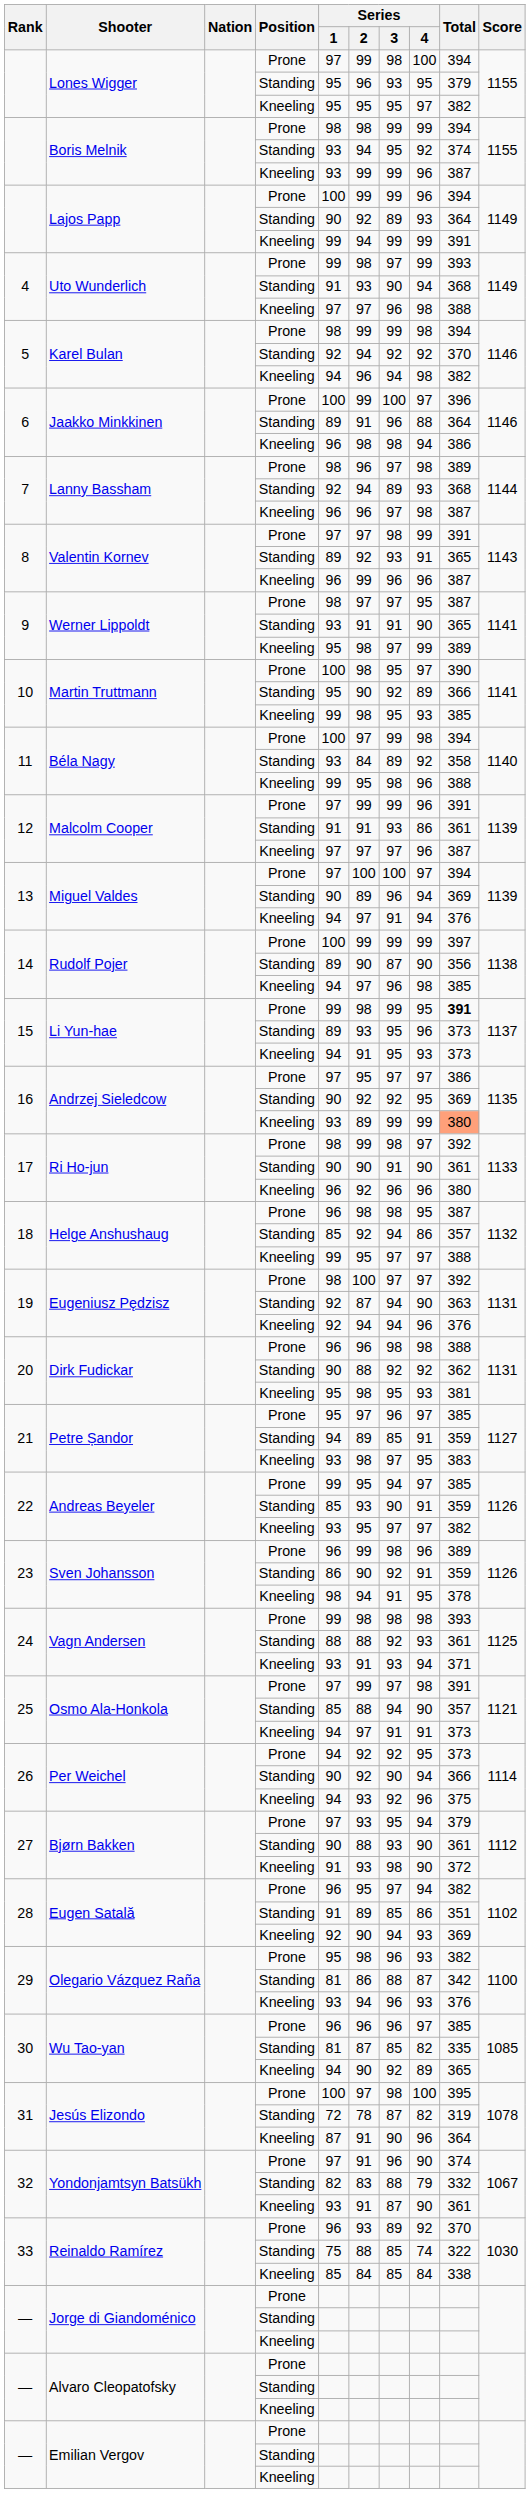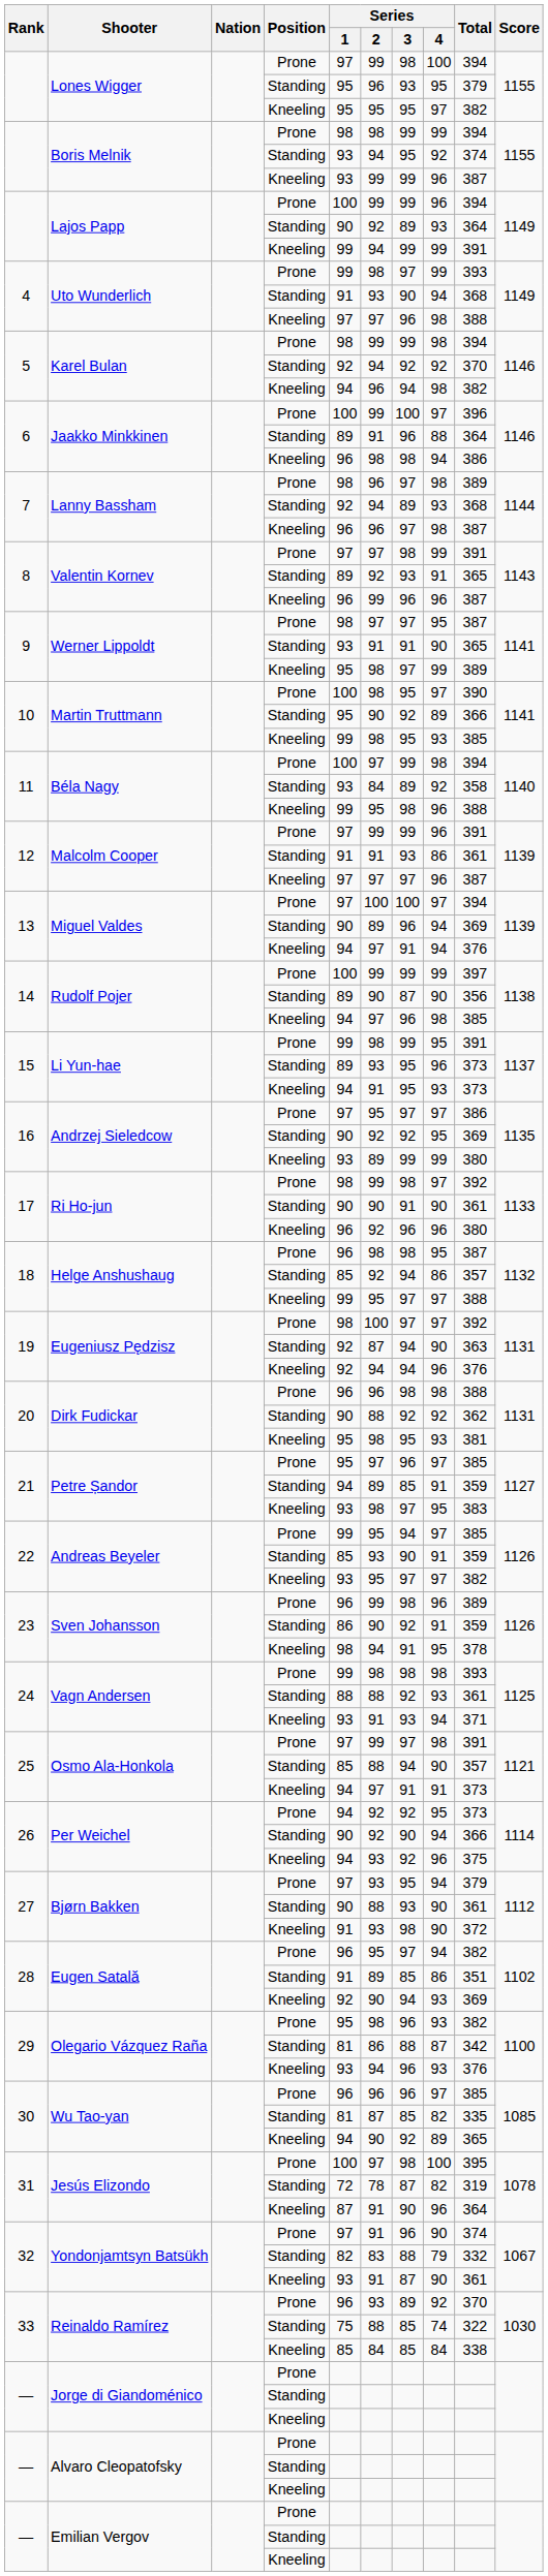 <table class="wikitable sortable" style="text-align: center">
 <tr>
 <th rowspan=2>Rank</th>
 <th rowspan=2>Shooter</th>
 <th rowspan=2>Nation</th>
 <th rowspan=2>Position</th>
 <th colspan=4>Series</th>
 <th rowspan=2>Total</th>
 <th rowspan=2>Score</th>
 </tr>
 <tr>
 <th>1</th>
 <th>2</th>
 <th>3</th>
 <th>4</th>
 </tr>
 <tr>
 <td rowspan=3></td>
 <td rowspan=3 style="text-align: left"><a href='#'>Lones Wigger</a></td>
 <td rowspan=3 style="text-align: left"></td>
 <td>Prone</td>
 <td>97</td>
 <td>99</td>
 <td>98</td>
 <td>100</td>
 <td>394</td>
 <td rowspan=3>1155</td>
 </tr>
 <tr>
 <td>Standing</td>
 <td>95</td>
 <td>96</td>
 <td>93</td>
 <td>95</td>
 <td>379</td>
 </tr>
 <tr>
 <td>Kneeling</td>
 <td>95</td>
 <td>95</td>
 <td>95</td>
 <td>97</td>
 <td>382</td>
 </tr>
 <tr>
 <td rowspan=3></td>
 <td rowspan=3 style="text-align: left"><a href='#'>Boris Melnik</a></td>
 <td rowspan=3 style="text-align: left"></td>
 <td>Prone</td>
 <td>98</td>
 <td>98</td>
 <td>99</td>
 <td>99</td>
 <td>394</td>
 <td rowspan=3>1155</td>
 </tr>
 <tr>
 <td>Standing</td>
 <td>93</td>
 <td>94</td>
 <td>95</td>
 <td>92</td>
 <td>374</td>
 </tr>
 <tr>
 <td>Kneeling</td>
 <td>93</td>
 <td>99</td>
 <td>99</td>
 <td>96</td>
 <td>387</td>
 </tr>
 <tr>
 <td rowspan=3></td>
 <td rowspan=3 style="text-align: left"><a href='#'>Lajos Papp</a></td>
 <td rowspan=3 style="text-align: left"></td>
 <td>Prone</td>
 <td>100</td>
 <td>99</td>
 <td>99</td>
 <td>96</td>
 <td>394</td>
 <td rowspan=3>1149</td>
 </tr>
 <tr>
 <td>Standing</td>
 <td>90</td>
 <td>92</td>
 <td>89</td>
 <td>93</td>
 <td>364</td>
 </tr>
 <tr>
 <td>Kneeling</td>
 <td>99</td>
 <td>94</td>
 <td>99</td>
 <td>99</td>
 <td>391</td>
 </tr>
 <tr>
 <td rowspan=3>4</td>
 <td rowspan=3 style="text-align: left"><a href='#'>Uto Wunderlich</a></td>
 <td rowspan=3 style="text-align: left"></td>
 <td>Prone</td>
 <td>99</td>
 <td>98</td>
 <td>97</td>
 <td>99</td>
 <td>393</td>
 <td rowspan=3>1149</td>
 </tr>
 <tr>
 <td>Standing</td>
 <td>91</td>
 <td>93</td>
 <td>90</td>
 <td>94</td>
 <td>368</td>
 </tr>
 <tr>
 <td>Kneeling</td>
 <td>97</td>
 <td>97</td>
 <td>96</td>
 <td>98</td>
 <td>388</td>
 </tr>
 <tr>
 <td rowspan=3>5</td>
 <td rowspan=3 style="text-align: left"><a href='#'>Karel Bulan</a></td>
 <td rowspan=3 style="text-align: left"></td>
 <td>Prone</td>
 <td>98</td>
 <td>99</td>
 <td>99</td>
 <td>98</td>
 <td>394</td>
 <td rowspan=3>1146</td>
 </tr>
 <tr>
 <td>Standing</td>
 <td>92</td>
 <td>94</td>
 <td>92</td>
 <td>92</td>
 <td>370</td>
 </tr>
 <tr>
 <td>Kneeling</td>
 <td>94</td>
 <td>96</td>
 <td>94</td>
 <td>98</td>
 <td>382</td>
 </tr>
 <tr>
 <td rowspan=3>6</td>
 <td rowspan=3 style="text-align: left"><a href='#'>Jaakko Minkkinen</a></td>
 <td rowspan=3 style="text-align: left"></td>
 <td>Prone</td>
 <td>100</td>
 <td>99</td>
 <td>100</td>
 <td>97</td>
 <td>396</td>
 <td rowspan=3>1146</td>
 </tr>
 <tr>
 <td>Standing</td>
 <td>89</td>
 <td>91</td>
 <td>96</td>
 <td>88</td>
 <td>364</td>
 </tr>
 <tr>
 <td>Kneeling</td>
 <td>96</td>
 <td>98</td>
 <td>98</td>
 <td>94</td>
 <td>386</td>
 </tr>
 <tr>
 <td rowspan=3>7</td>
 <td rowspan=3 style="text-align: left"><a href='#'>Lanny Bassham</a></td>
 <td rowspan=3 style="text-align: left"></td>
 <td>Prone</td>
 <td>98</td>
 <td>96</td>
 <td>97</td>
 <td>98</td>
 <td>389</td>
 <td rowspan=3>1144</td>
 </tr>
 <tr>
 <td>Standing</td>
 <td>92</td>
 <td>94</td>
 <td>89</td>
 <td>93</td>
 <td>368</td>
 </tr>
 <tr>
 <td>Kneeling</td>
 <td>96</td>
 <td>96</td>
 <td>97</td>
 <td>98</td>
 <td>387</td>
 </tr>
 <tr>
 <td rowspan=3>8</td>
 <td rowspan=3 style="text-align: left"><a href='#'>Valentin Kornev</a></td>
 <td rowspan=3 style="text-align: left"></td>
 <td>Prone</td>
 <td>97</td>
 <td>97</td>
 <td>98</td>
 <td>99</td>
 <td>391</td>
 <td rowspan=3>1143</td>
 </tr>
 <tr>
 <td>Standing</td>
 <td>89</td>
 <td>92</td>
 <td>93</td>
 <td>91</td>
 <td>365</td>
 </tr>
 <tr>
 <td>Kneeling</td>
 <td>96</td>
 <td>99</td>
 <td>96</td>
 <td>96</td>
 <td>387</td>
 </tr>
 <tr>
 <td rowspan=3>9</td>
 <td rowspan=3 style="text-align: left"><a href='#'>Werner Lippoldt</a></td>
 <td rowspan=3 style="text-align: left"></td>
 <td>Prone</td>
 <td>98</td>
 <td>97</td>
 <td>97</td>
 <td>95</td>
 <td>387</td>
 <td rowspan=3>1141</td>
 </tr>
 <tr>
 <td>Standing</td>
 <td>93</td>
 <td>91</td>
 <td>91</td>
 <td>90</td>
 <td>365</td>
 </tr>
 <tr>
 <td>Kneeling</td>
 <td>95</td>
 <td>98</td>
 <td>97</td>
 <td>99</td>
 <td>389</td>
 </tr>
 <tr>
 <td rowspan=3>10</td>
 <td rowspan=3 style="text-align: left"><a href='#'>Martin Truttmann</a></td>
 <td rowspan=3 style="text-align: left"></td>
 <td>Prone</td>
 <td>100</td>
 <td>98</td>
 <td>95</td>
 <td>97</td>
 <td>390</td>
 <td rowspan=3>1141</td>
 </tr>
 <tr>
 <td>Standing</td>
 <td>95</td>
 <td>90</td>
 <td>92</td>
 <td>89</td>
 <td>366</td>
 </tr>
 <tr>
 <td>Kneeling</td>
 <td>99</td>
 <td>98</td>
 <td>95</td>
 <td>93</td>
 <td>385</td>
 </tr>
 <tr>
 <td rowspan=3>11</td>
 <td rowspan=3 style="text-align: left"><a href='#'>Béla Nagy</a></td>
 <td rowspan=3 style="text-align: left"></td>
 <td>Prone</td>
 <td>100</td>
 <td>97</td>
 <td>99</td>
 <td>98</td>
 <td>394</td>
 <td rowspan=3>1140</td>
 </tr>
 <tr>
 <td>Standing</td>
 <td>93</td>
 <td>84</td>
 <td>89</td>
 <td>92</td>
 <td>358</td>
 </tr>
 <tr>
 <td>Kneeling</td>
 <td>99</td>
 <td>95</td>
 <td>98</td>
 <td>96</td>
 <td>388</td>
 </tr>
 <tr>
 <td rowspan=3>12</td>
 <td rowspan=3 style="text-align: left"><a href='#'>Malcolm Cooper</a></td>
 <td rowspan=3 style="text-align: left"></td>
 <td>Prone</td>
 <td>97</td>
 <td>99</td>
 <td>99</td>
 <td>96</td>
 <td>391</td>
 <td rowspan=3>1139</td>
 </tr>
 <tr>
 <td>Standing</td>
 <td>91</td>
 <td>91</td>
 <td>93</td>
 <td>86</td>
 <td>361</td>
 </tr>
 <tr>
 <td>Kneeling</td>
 <td>97</td>
 <td>97</td>
 <td>97</td>
 <td>96</td>
 <td>387</td>
 </tr>
 <tr>
 <td rowspan=3>13</td>
 <td rowspan=3 style="text-align: left"><a href='#'>Miguel Valdes</a></td>
 <td rowspan=3 style="text-align: left"></td>
 <td>Prone</td>
 <td>97</td>
 <td>100</td>
 <td>100</td>
 <td>97</td>
 <td>394</td>
 <td rowspan=3>1139</td>
 </tr>
 <tr>
 <td>Standing</td>
 <td>90</td>
 <td>89</td>
 <td>96</td>
 <td>94</td>
 <td>369</td>
 </tr>
 <tr>
 <td>Kneeling</td>
 <td>94</td>
 <td>97</td>
 <td>91</td>
 <td>94</td>
 <td>376</td>
 </tr>
 <tr>
 <td rowspan=3>14</td>
 <td rowspan=3 style="text-align: left"><a href='#'>Rudolf Pojer</a></td>
 <td rowspan=3 style="text-align: left"></td>
 <td>Prone</td>
 <td>100</td>
 <td>99</td>
 <td>99</td>
 <td>99</td>
 <td>397</td>
 <td rowspan=3>1138</td>
 </tr>
 <tr>
 <td>Standing</td>
 <td>89</td>
 <td>90</td>
 <td>87</td>
 <td>90</td>
 <td>356</td>
 </tr>
 <tr>
 <td>Kneeling</td>
 <td>94</td>
 <td>97</td>
 <td>96</td>
 <td>98</td>
 <td>385</td>
 </tr>
 <tr>
 <td rowspan=3>15</td>
 <td rowspan=3 style="text-align: left"><a href='#'>Li Yun-hae</a></td>
 <td rowspan=3 style="text-align: left"></td>
 <td>Prone</td>
 <td>99</td>
 <td>98</td>
 <td>99</td>
 <td>95</td>
-<td><strong>391</strong></td>
+<td>391</td>
 <td rowspan=3>1137</td>
 </tr>
 <tr>
 <td>Standing</td>
 <td>89</td>
 <td>93</td>
 <td>95</td>
 <td>96</td>
 <td>373</td>
 </tr>
 <tr>
 <td>Kneeling</td>
 <td>94</td>
 <td>91</td>
 <td>95</td>
 <td>93</td>
 <td>373</td>
 </tr>
 <tr>
 <td rowspan=3>16</td>
 <td rowspan=3 style="text-align: left"><a href='#'>Andrzej Sieledcow</a></td>
 <td rowspan=3 style="text-align: left"></td>
 <td>Prone</td>
 <td>97</td>
 <td>95</td>
 <td>97</td>
 <td>97</td>
 <td>386</td>
 <td rowspan=3>1135</td>
 </tr>
 <tr>
 <td>Standing</td>
 <td>90</td>
 <td>92</td>
 <td>92</td>
 <td>95</td>
 <td>369</td>
 </tr>
 <tr>
 <td>Kneeling</td>
 <td>93</td>
 <td>89</td>
 <td>99</td>
 <td>99</td>
-<td style="background: lightsalmon;">380</td>
+<td>380</td>
 </tr>
 <tr>
 <td rowspan=3>17</td>
 <td rowspan=3 style="text-align: left"><a href='#'>Ri Ho-jun</a></td>
 <td rowspan=3 style="text-align: left"></td>
 <td>Prone</td>
 <td>98</td>
 <td>99</td>
 <td>98</td>
 <td>97</td>
 <td>392</td>
 <td rowspan=3>1133</td>
 </tr>
 <tr>
 <td>Standing</td>
 <td>90</td>
 <td>90</td>
 <td>91</td>
 <td>90</td>
 <td>361</td>
 </tr>
 <tr>
 <td>Kneeling</td>
 <td>96</td>
 <td>92</td>
 <td>96</td>
 <td>96</td>
 <td>380</td>
 </tr>
 <tr>
 <td rowspan=3>18</td>
 <td rowspan=3 style="text-align: left"><a href='#'>Helge Anshushaug</a></td>
 <td rowspan=3 style="text-align: left"></td>
 <td>Prone</td>
 <td>96</td>
 <td>98</td>
 <td>98</td>
 <td>95</td>
 <td>387</td>
 <td rowspan=3>1132</td>
 </tr>
 <tr>
 <td>Standing</td>
 <td>85</td>
 <td>92</td>
 <td>94</td>
 <td>86</td>
 <td>357</td>
 </tr>
 <tr>
 <td>Kneeling</td>
 <td>99</td>
 <td>95</td>
 <td>97</td>
 <td>97</td>
 <td>388</td>
 </tr>
 <tr>
 <td rowspan=3>19</td>
 <td rowspan=3 style="text-align: left"><a href='#'>Eugeniusz Pędzisz</a></td>
 <td rowspan=3 style="text-align: left"></td>
 <td>Prone</td>
 <td>98</td>
 <td>100</td>
 <td>97</td>
 <td>97</td>
 <td>392</td>
 <td rowspan=3>1131</td>
 </tr>
 <tr>
 <td>Standing</td>
 <td>92</td>
 <td>87</td>
 <td>94</td>
 <td>90</td>
 <td>363</td>
 </tr>
 <tr>
 <td>Kneeling</td>
 <td>92</td>
 <td>94</td>
 <td>94</td>
 <td>96</td>
 <td>376</td>
 </tr>
 <tr>
 <td rowspan=3>20</td>
 <td rowspan=3 style="text-align: left"><a href='#'>Dirk Fudickar</a></td>
 <td rowspan=3 style="text-align: left"></td>
 <td>Prone</td>
 <td>96</td>
 <td>96</td>
 <td>98</td>
 <td>98</td>
 <td>388</td>
 <td rowspan=3>1131</td>
 </tr>
 <tr>
 <td>Standing</td>
 <td>90</td>
 <td>88</td>
 <td>92</td>
 <td>92</td>
 <td>362</td>
 </tr>
 <tr>
 <td>Kneeling</td>
 <td>95</td>
 <td>98</td>
 <td>95</td>
 <td>93</td>
 <td>381</td>
 </tr>
 <tr>
 <td rowspan=3>21</td>
 <td rowspan=3 style="text-align: left"><a href='#'>Petre Șandor</a></td>
 <td rowspan=3 style="text-align: left"></td>
 <td>Prone</td>
 <td>95</td>
 <td>97</td>
 <td>96</td>
 <td>97</td>
 <td>385</td>
 <td rowspan=3>1127</td>
 </tr>
 <tr>
 <td>Standing</td>
 <td>94</td>
 <td>89</td>
 <td>85</td>
 <td>91</td>
 <td>359</td>
 </tr>
 <tr>
 <td>Kneeling</td>
 <td>93</td>
 <td>98</td>
 <td>97</td>
 <td>95</td>
 <td>383</td>
 </tr>
 <tr>
 <td rowspan=3>22</td>
 <td rowspan=3 style="text-align: left"><a href='#'>Andreas Beyeler</a></td>
 <td rowspan=3 style="text-align: left"></td>
 <td>Prone</td>
 <td>99</td>
 <td>95</td>
 <td>94</td>
 <td>97</td>
 <td>385</td>
 <td rowspan=3>1126</td>
 </tr>
 <tr>
 <td>Standing</td>
 <td>85</td>
 <td>93</td>
 <td>90</td>
 <td>91</td>
 <td>359</td>
 </tr>
 <tr>
 <td>Kneeling</td>
 <td>93</td>
 <td>95</td>
 <td>97</td>
 <td>97</td>
 <td>382</td>
 </tr>
 <tr>
 <td rowspan=3>23</td>
 <td rowspan=3 style="text-align: left"><a href='#'>Sven Johansson</a></td>
 <td rowspan=3 style="text-align: left"></td>
 <td>Prone</td>
 <td>96</td>
 <td>99</td>
 <td>98</td>
 <td>96</td>
 <td>389</td>
 <td rowspan=3>1126</td>
 </tr>
 <tr>
 <td>Standing</td>
 <td>86</td>
 <td>90</td>
 <td>92</td>
 <td>91</td>
 <td>359</td>
 </tr>
 <tr>
 <td>Kneeling</td>
 <td>98</td>
 <td>94</td>
 <td>91</td>
 <td>95</td>
 <td>378</td>
 </tr>
 <tr>
 <td rowspan=3>24</td>
 <td rowspan=3 style="text-align: left"><a href='#'>Vagn Andersen</a></td>
 <td rowspan=3 style="text-align: left"></td>
 <td>Prone</td>
 <td>99</td>
 <td>98</td>
 <td>98</td>
 <td>98</td>
 <td>393</td>
 <td rowspan=3>1125</td>
 </tr>
 <tr>
 <td>Standing</td>
 <td>88</td>
 <td>88</td>
 <td>92</td>
 <td>93</td>
 <td>361</td>
 </tr>
 <tr>
 <td>Kneeling</td>
 <td>93</td>
 <td>91</td>
 <td>93</td>
 <td>94</td>
 <td>371</td>
 </tr>
 <tr>
 <td rowspan=3>25</td>
 <td rowspan=3 style="text-align: left"><a href='#'>Osmo Ala-Honkola</a></td>
 <td rowspan=3 style="text-align: left"></td>
 <td>Prone</td>
 <td>97</td>
 <td>99</td>
 <td>97</td>
 <td>98</td>
 <td>391</td>
 <td rowspan=3>1121</td>
 </tr>
 <tr>
 <td>Standing</td>
 <td>85</td>
 <td>88</td>
 <td>94</td>
 <td>90</td>
 <td>357</td>
 </tr>
 <tr>
 <td>Kneeling</td>
 <td>94</td>
 <td>97</td>
 <td>91</td>
 <td>91</td>
 <td>373</td>
 </tr>
 <tr>
 <td rowspan=3>26</td>
 <td rowspan=3 style="text-align: left"><a href='#'>Per Weichel</a></td>
 <td rowspan=3 style="text-align: left"></td>
 <td>Prone</td>
 <td>94</td>
 <td>92</td>
 <td>92</td>
 <td>95</td>
 <td>373</td>
 <td rowspan=3>1114</td>
 </tr>
 <tr>
 <td>Standing</td>
 <td>90</td>
 <td>92</td>
 <td>90</td>
 <td>94</td>
 <td>366</td>
 </tr>
 <tr>
 <td>Kneeling</td>
 <td>94</td>
 <td>93</td>
 <td>92</td>
 <td>96</td>
 <td>375</td>
 </tr>
 <tr>
 <td rowspan=3>27</td>
 <td rowspan=3 style="text-align: left"><a href='#'>Bjørn Bakken</a></td>
 <td rowspan=3 style="text-align: left"></td>
 <td>Prone</td>
 <td>97</td>
 <td>93</td>
 <td>95</td>
 <td>94</td>
 <td>379</td>
 <td rowspan=3>1112</td>
 </tr>
 <tr>
 <td>Standing</td>
 <td>90</td>
 <td>88</td>
 <td>93</td>
 <td>90</td>
 <td>361</td>
 </tr>
 <tr>
 <td>Kneeling</td>
 <td>91</td>
 <td>93</td>
 <td>98</td>
 <td>90</td>
 <td>372</td>
 </tr>
 <tr>
 <td rowspan=3>28</td>
 <td rowspan=3 style="text-align: left"><a href='#'>Eugen Satală</a></td>
 <td rowspan=3 style="text-align: left"></td>
 <td>Prone</td>
 <td>96</td>
 <td>95</td>
 <td>97</td>
 <td>94</td>
 <td>382</td>
 <td rowspan=3>1102</td>
 </tr>
 <tr>
 <td>Standing</td>
 <td>91</td>
 <td>89</td>
 <td>85</td>
 <td>86</td>
 <td>351</td>
 </tr>
 <tr>
 <td>Kneeling</td>
 <td>92</td>
 <td>90</td>
 <td>94</td>
 <td>93</td>
 <td>369</td>
 </tr>
 <tr>
 <td rowspan=3>29</td>
 <td rowspan=3 style="text-align: left"><a href='#'>Olegario Vázquez Raña</a></td>
 <td rowspan=3 style="text-align: left"></td>
 <td>Prone</td>
 <td>95</td>
 <td>98</td>
 <td>96</td>
 <td>93</td>
 <td>382</td>
 <td rowspan=3>1100</td>
 </tr>
 <tr>
 <td>Standing</td>
 <td>81</td>
 <td>86</td>
 <td>88</td>
 <td>87</td>
 <td>342</td>
 </tr>
 <tr>
 <td>Kneeling</td>
 <td>93</td>
 <td>94</td>
 <td>96</td>
 <td>93</td>
 <td>376</td>
 </tr>
 <tr>
 <td rowspan=3>30</td>
 <td rowspan=3 style="text-align: left"><a href='#'>Wu Tao-yan</a></td>
 <td rowspan=3 style="text-align: left"></td>
 <td>Prone</td>
 <td>96</td>
 <td>96</td>
 <td>96</td>
 <td>97</td>
 <td>385</td>
 <td rowspan=3>1085</td>
 </tr>
 <tr>
 <td>Standing</td>
 <td>81</td>
 <td>87</td>
 <td>85</td>
 <td>82</td>
 <td>335</td>
 </tr>
 <tr>
 <td>Kneeling</td>
 <td>94</td>
 <td>90</td>
 <td>92</td>
 <td>89</td>
 <td>365</td>
 </tr>
 <tr>
 <td rowspan=3>31</td>
 <td rowspan=3 style="text-align: left"><a href='#'>Jesús Elizondo</a></td>
 <td rowspan=3 style="text-align: left"></td>
 <td>Prone</td>
 <td>100</td>
 <td>97</td>
 <td>98</td>
 <td>100</td>
 <td>395</td>
 <td rowspan=3>1078</td>
 </tr>
 <tr>
 <td>Standing</td>
 <td>72</td>
 <td>78</td>
 <td>87</td>
 <td>82</td>
 <td>319</td>
 </tr>
 <tr>
 <td>Kneeling</td>
 <td>87</td>
 <td>91</td>
 <td>90</td>
 <td>96</td>
 <td>364</td>
 </tr>
 <tr>
 <td rowspan=3>32</td>
 <td rowspan=3 style="text-align: left"><a href='#'>Yondonjamtsyn Batsükh</a></td>
 <td rowspan=3 style="text-align: left"></td>
 <td>Prone</td>
 <td>97</td>
 <td>91</td>
 <td>96</td>
 <td>90</td>
 <td>374</td>
 <td rowspan=3>1067</td>
 </tr>
 <tr>
 <td>Standing</td>
 <td>82</td>
 <td>83</td>
 <td>88</td>
 <td>79</td>
 <td>332</td>
 </tr>
 <tr>
 <td>Kneeling</td>
 <td>93</td>
 <td>91</td>
 <td>87</td>
 <td>90</td>
 <td>361</td>
 </tr>
 <tr>
 <td rowspan=3>33</td>
 <td rowspan=3 style="text-align: left"><a href='#'>Reinaldo Ramírez</a></td>
 <td rowspan=3 style="text-align: left"></td>
 <td>Prone</td>
 <td>96</td>
 <td>93</td>
 <td>89</td>
 <td>92</td>
 <td>370</td>
 <td rowspan=3>1030</td>
 </tr>
 <tr>
 <td>Standing</td>
 <td>75</td>
 <td>88</td>
 <td>85</td>
 <td>74</td>
 <td>322</td>
 </tr>
 <tr>
 <td>Kneeling</td>
 <td>85</td>
 <td>84</td>
 <td>85</td>
 <td>84</td>
 <td>338</td>
 </tr>
 <tr>
 <td rowspan=3>—</td>
 <td rowspan=3 style="text-align: left"><a href='#'>Jorge di Giandoménico</a></td>
 <td rowspan=3 style="text-align: left"></td>
 <td>Prone</td>
 <td></td>
 <td></td>
 <td></td>
 <td></td>
 <td></td>
 <td rowspan=3 data-sort-value=0></td>
 </tr>
 <tr>
 <td>Standing</td>
 <td></td>
 <td></td>
 <td></td>
 <td></td>
 <td></td>
 </tr>
 <tr>
 <td>Kneeling</td>
 <td></td>
 <td></td>
 <td></td>
 <td></td>
 <td></td>
 </tr>
 <tr>
 <td rowspan=3>—</td>
 <td rowspan=3 style="text-align: left">Alvaro Cleopatofsky</td>
 <td rowspan=3 style="text-align: left"></td>
 <td>Prone</td>
 <td></td>
 <td></td>
 <td></td>
 <td></td>
 <td></td>
 <td rowspan=3 data-sort-value=0></td>
 </tr>
 <tr>
 <td>Standing</td>
 <td></td>
 <td></td>
 <td></td>
 <td></td>
 <td></td>
 </tr>
 <tr>
 <td>Kneeling</td>
 <td></td>
 <td></td>
 <td></td>
 <td></td>
 <td></td>
 </tr>
 <tr>
 <td rowspan=3>—</td>
 <td rowspan=3 style="text-align: left">Emilian Vergov</td>
 <td rowspan=3 style="text-align: left"></td>
 <td>Prone</td>
 <td></td>
 <td></td>
 <td></td>
 <td></td>
 <td></td>
 <td rowspan=3 data-sort-value=0></td>
 </tr>
 <tr>
 <td>Standing</td>
 <td></td>
 <td></td>
 <td></td>
 <td></td>
 <td></td>
 </tr>
 <tr>
 <td>Kneeling</td>
 <td></td>
 <td></td>
 <td></td>
 <td></td>
 <td></td>
 </tr>
 </table>
